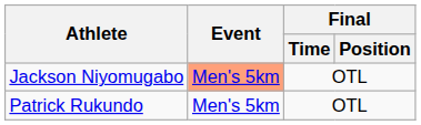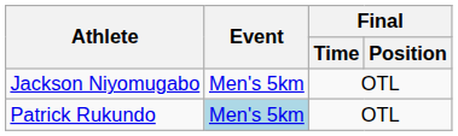 <table class="wikitable" border="1" style="font-size:90%">
 <tr>
 <th rowspan=2>Athlete</th>
 <th rowspan=2>Event</th>
 <th colspan=2>Final</th>
 </tr>
 <tr>
 <th>Time</th>
 <th>Position</th>
 </tr>
 <tr>
 <td rowspan=1><a href='#'>Jackson Niyomugabo</a></td>
-<td style="background: lightsalmon;"><a href='#'>Men's 5km</a></td>
+<td><a href='#'>Men's 5km</a></td>
 <td align=center colspan=2>OTL</td>
 </tr>
 <tr>
 <td rowspan=1><a href='#'>Patrick Rukundo</a></td>
-<td><a href='#'>Men's 5km</a></td>
+<td style="background: lightblue;"><a href='#'>Men's 5km</a></td>
 <td align=center colspan=2>OTL</td>
 </tr>
 </table>
